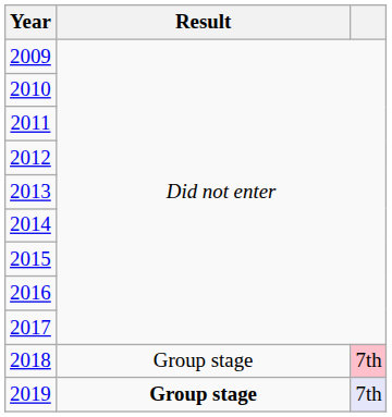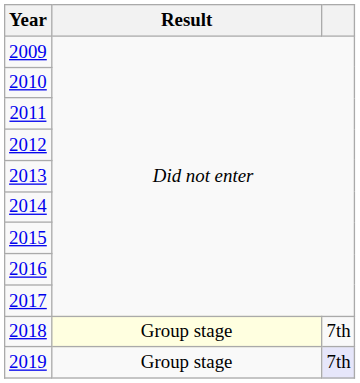 <table class="wikitable" style="text-align: center; font-size:90%">
 <tr>
 <th>Year</th>
 <th style="width:200px">Result</th>
 <th></th>
 </tr>
 <tr>
 <td><a href='#'>2009</a></td>
 <td colspan="2" rowspan="9"><em>Did not enter</em></td>
 </tr>
 <tr>
 <td><a href='#'>2010</a></td>
 </tr>
 <tr>
 <td><a href='#'>2011</a></td>
 </tr>
 <tr>
 <td><a href='#'>2012</a></td>
 </tr>
 <tr>
 <td><a href='#'>2013</a></td>
 </tr>
 <tr>
 <td><a href='#'>2014</a></td>
 </tr>
 <tr>
 <td><a href='#'>2015</a></td>
 </tr>
 <tr>
 <td><a href='#'>2016</a></td>
 </tr>
 <tr>
 <td><a href='#'>2017</a></td>
 </tr>
 <tr>
 <td><a href='#'>2018</a></td>
-<td>Group stage</td>
-<td style="background: pink;">7th</td>
+<td style="background: lightyellow;">Group stage</td>
+<td>7th</td>
 </tr>
 <tr>
 <td><a href='#'>2019</a></td>
-<td><strong>Group stage</strong></td>
+<td>Group stage</td>
 <td style="background: lavender;">7th</td>
 </tr>
 </table>
